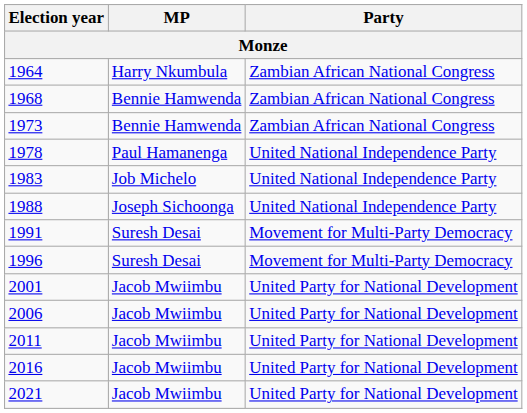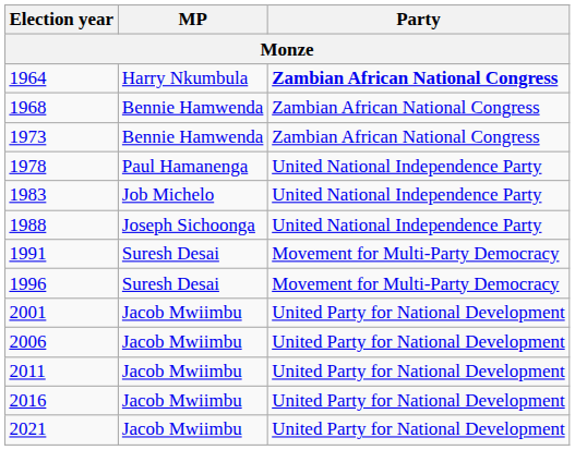 <table class="wikitable">
 <tr>
 <th>Election year</th>
 <th>MP</th>
 <th>Party</th>
 </tr>
 <tr>
 <th colspan="3">Monze</th>
 </tr>
 <tr>
 <td><a href='#'>1964</a></td>
 <td><a href='#'>Harry Nkumbula</a></td>
-<td><a href='#'>Zambian African National Congress</a></td>
+<td><strong><a href='#'>Zambian African National Congress</a></strong></td>
 </tr>
 <tr>
 <td><a href='#'>1968</a></td>
 <td><a href='#'>Bennie Hamwenda</a></td>
 <td><a href='#'>Zambian African National Congress</a></td>
 </tr>
 <tr>
 <td><a href='#'>1973</a></td>
 <td><a href='#'>Bennie Hamwenda</a></td>
 <td><a href='#'>Zambian African National Congress</a></td>
 </tr>
 <tr>
 <td><a href='#'>1978</a></td>
 <td><a href='#'>Paul Hamanenga</a></td>
 <td><a href='#'>United National Independence Party</a></td>
 </tr>
 <tr>
 <td><a href='#'>1983</a></td>
 <td><a href='#'>Job Michelo</a></td>
 <td><a href='#'>United National Independence Party</a></td>
 </tr>
 <tr>
 <td><a href='#'>1988</a></td>
 <td><a href='#'>Joseph Sichoonga</a></td>
 <td><a href='#'>United National Independence Party</a></td>
 </tr>
 <tr>
 <td><a href='#'>1991</a></td>
 <td><a href='#'>Suresh Desai</a></td>
 <td><a href='#'>Movement for Multi-Party Democracy</a></td>
 </tr>
 <tr>
 <td><a href='#'>1996</a></td>
 <td><a href='#'>Suresh Desai</a></td>
 <td><a href='#'>Movement for Multi-Party Democracy</a></td>
 </tr>
 <tr>
 <td><a href='#'>2001</a></td>
 <td><a href='#'>Jacob Mwiimbu</a></td>
 <td><a href='#'>United Party for National Development</a></td>
 </tr>
 <tr>
 <td><a href='#'>2006</a></td>
 <td><a href='#'>Jacob Mwiimbu</a></td>
 <td><a href='#'>United Party for National Development</a></td>
 </tr>
 <tr>
 <td><a href='#'>2011</a></td>
 <td><a href='#'>Jacob Mwiimbu</a></td>
 <td><a href='#'>United Party for National Development</a></td>
 </tr>
 <tr>
 <td><a href='#'>2016</a></td>
 <td><a href='#'>Jacob Mwiimbu</a></td>
 <td><a href='#'>United Party for National Development</a></td>
 </tr>
 <tr>
 <td><a href='#'>2021</a></td>
 <td><a href='#'>Jacob Mwiimbu</a></td>
 <td><a href='#'>United Party for National Development</a></td>
 </tr>
 </table>
